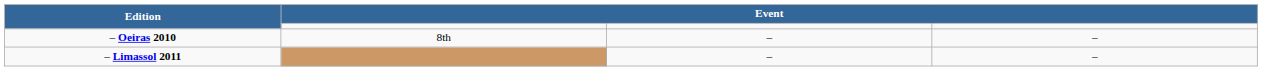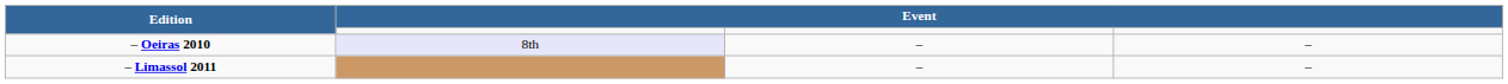 <table class="wikitable centre" style="font-size:90%; text-align:center" width="80%">
 <tr style="background-color:#369">
 <td rowspan="2" width="17%" style="color:white"><strong>Edition</strong></td>
 <td colspan="6" style="color:white"><strong>Event</strong></td>
 </tr>
 <tr>
 <td width="20%"><strong></strong></td>
 <td width="20%"><strong></strong></td>
 <td width="20%"><strong></strong></td>
 </tr>
 <tr>
 <td> – <strong><a href='#'>Oeiras</a> 2010</strong></td>
-<td>8th <br> </td>
+<td style="background: lavender;">8th <br> </td>
 <td>–</td>
 <td>–</td>
 </tr>
 <tr>
 <td> – <strong><a href='#'>Limassol</a> 2011</strong></td>
 <td bgcolor="CC9966"><strong></strong><br> </td>
 <td>–</td>
 <td>–</td>
 </tr>
 </table>
